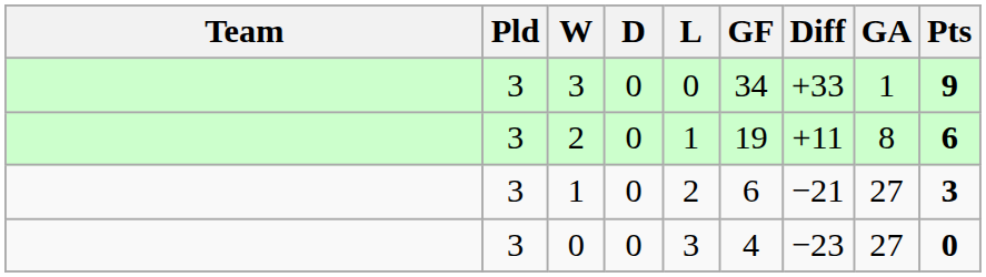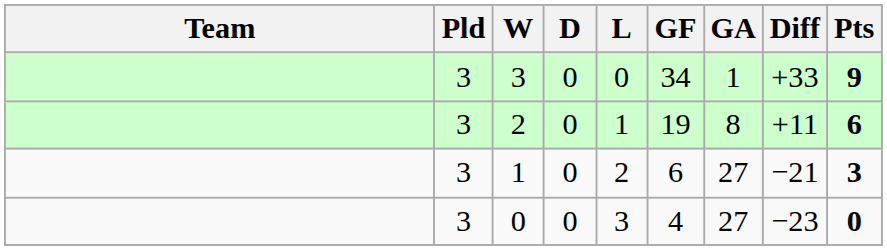 <table class="wikitable" style="text-align: center;">
 <tr>
 <th width=220>Team</th>
 <th width=20>Pld</th>
 <th width=20>W</th>
 <th width=20>D</th>
 <th width=20>L</th>
 <th width=20>GF</th>
+<th width=20>GA</th>
 <th width=20>Diff</th>
-<th width=20>GA</th>
 <th width=20>Pts<br></th>
 </tr>
 <tr align=center bgcolor="ccffcc">
 <td style="text-align:left;"></td>
 <td>3</td>
 <td>3</td>
 <td>0</td>
 <td>0</td>
 <td>34</td>
+<td>1</td>
 <td>+33</td>
-<td>1</td>
 <td><strong>9</strong></td>
 </tr>
 <tr align=center bgcolor="ccffcc">
 <td style="text-align:left;"></td>
 <td>3</td>
 <td>2</td>
 <td>0</td>
 <td>1</td>
 <td>19</td>
+<td>8</td>
 <td>+11</td>
-<td>8</td>
 <td><strong>6</strong></td>
 </tr>
 <tr align=center>
 <td style="text-align:left;"></td>
 <td>3</td>
 <td>1</td>
 <td>0</td>
 <td>2</td>
 <td>6</td>
+<td>27</td>
 <td>−21</td>
-<td>27</td>
 <td><strong>3</strong></td>
 </tr>
 <tr align=center>
 <td style="text-align:left;"></td>
 <td>3</td>
 <td>0</td>
 <td>0</td>
 <td>3</td>
 <td>4</td>
+<td>27</td>
 <td>−23</td>
-<td>27</td>
 <td><strong>0</strong></td>
 </tr>
 </table>
